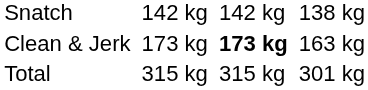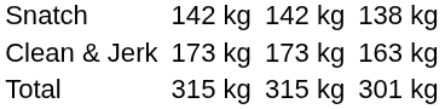 <table>
 <tr>
 <td>Snatch</td>
 <td></td>
 <td>142 kg</td>
 <td></td>
 <td>142 kg</td>
 <td></td>
 <td>138 kg</td>
 </tr>
 <tr>
 <td>Clean & Jerk</td>
 <td></td>
 <td>173 kg</td>
 <td></td>
-<td><strong>173 kg</strong></td>
+<td>173 kg</td>
 <td></td>
 <td>163 kg</td>
 </tr>
 <tr>
 <td>Total</td>
 <td></td>
 <td>315 kg</td>
 <td></td>
 <td>315 kg</td>
 <td></td>
 <td>301 kg</td>
 </tr>
 </table>
